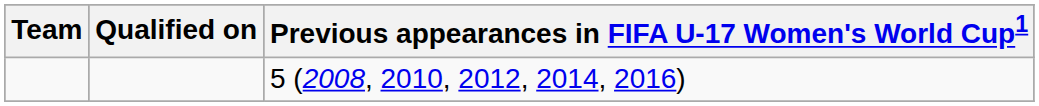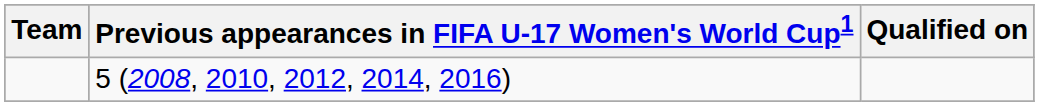 <table class="wikitable sortable">
 <tr>
 <th>Team</th>
+<th data-sort-type="number">Previous appearances in <a href='#'>FIFA U-17 Women's World Cup</a><sup><strong><a href='#'>1</a></strong></sup></th>
 <th>Qualified on</th>
-<th data-sort-type="number">Previous appearances in <a href='#'>FIFA U-17 Women's World Cup</a><sup><strong><a href='#'>1</a></strong></sup></th>
 </tr>
 <tr>
 <td></td>
+<td>5 (<em><a href='#'>2008</a></em>, <a href='#'>2010</a>, <a href='#'>2012</a>, <a href='#'>2014</a>, <a href='#'>2016</a>)</td>
 <td></td>
-<td>5 (<em><a href='#'>2008</a></em>, <a href='#'>2010</a>, <a href='#'>2012</a>, <a href='#'>2014</a>, <a href='#'>2016</a>)</td>
 </tr>
 </table>
